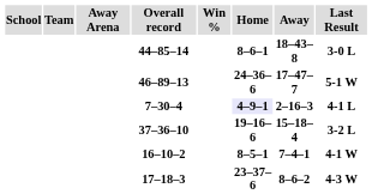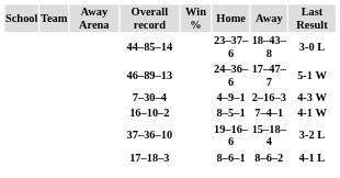 <table width="75%">
 <tr align="center"  bgcolor="#dddddd">
 <th>School</th>
 <th>Team</th>
 <th>Away Arena</th>
 <th>Overall record</th>
 <th>Win %</th>
 <th>Home</th>
 <th>Away</th>
 <th>Last Result</th>
 </tr>
 <tr align="center">
 <td><strong><a href='#'></a></strong></td>
 <td><strong><a href='#'></a></strong></td>
 <td><strong><a href='#'></a> </strong></td>
 <td><strong>44–85–14</strong></td>
 <td><strong></strong></td>
-<td><strong>8–6–1</strong></td>
+<td><strong>23–37–6</strong></td>
 <td><strong>18–43–8</strong></td>
 <td><strong>3-0 L</strong></td>
 </tr>
 <tr align="center">
 <td><strong><a href='#'></a></strong></td>
 <td><strong><a href='#'></a></strong></td>
 <td><strong><a href='#'></a> </strong></td>
 <td><strong>46–89–13</strong></td>
 <td><strong></strong></td>
 <td><strong>24–36–6</strong></td>
 <td><strong>17–47–7</strong></td>
 <td><strong>5-1 W</strong></td>
 </tr>
 <tr align="center">
 <td><strong><a href='#'></a></strong></td>
 <td><strong><a href='#'></a></strong></td>
 <td><strong><a href='#'></a> </strong></td>
 <td><strong>7–30–4</strong></td>
 <td><strong></strong></td>
-<td style="background: lavender;"><strong>4–9–1</strong></td>
+<td><strong>4–9–1</strong></td>
 <td><strong>2–16–3</strong></td>
-<td><strong>4-1 L</strong></td>
+<td><strong>4-3 W</strong></td>
+</tr>
+<tr align="center">
+<td><strong><a href='#'></a></strong></td>
+<td><strong><a href='#'></a></strong></td>
+<td><strong><a href='#'></a></strong></td>
+<td><strong>16–10–2</strong></td>
+<td><strong></strong></td>
+<td><strong>8–5–1</strong></td>
+<td><strong>7–4–1</strong></td>
+<td><strong>4-1 W</strong></td>
 </tr>
 <tr align="center">
 <td><strong><a href='#'></a></strong></td>
 <td><strong><a href='#'></a></strong></td>
 <td><strong><a href='#'></a> </strong></td>
 <td><strong>37–36–10</strong></td>
 <td><strong></strong></td>
 <td><strong>19–16–6</strong></td>
 <td><strong>15–18–4</strong></td>
 <td><strong>3-2 L</strong></td>
 </tr>
 <tr align="center">
 <td><strong><a href='#'></a></strong></td>
 <td><strong><a href='#'></a></strong></td>
 <td><strong><a href='#'></a></strong></td>
-<td><strong>16–10–2</strong></td>
-<td><strong></strong></td>
-<td><strong>8–5–1</strong></td>
-<td><strong>7–4–1</strong></td>
-<td><strong>4-1 W</strong></td>
-</tr>
-<tr align="center">
-<td><strong><a href='#'></a></strong></td>
-<td><strong><a href='#'></a></strong></td>
-<td><strong><a href='#'></a></strong></td>
 <td><strong>17–18–3</strong></td>
 <td><strong></strong></td>
-<td><strong>23–37–6</strong></td>
+<td><strong>8–6–1</strong></td>
 <td><strong>8–6–2</strong></td>
-<td><strong>4-3 W</strong></td>
+<td><strong>4-1 L</strong></td>
 </tr>
 </table>
